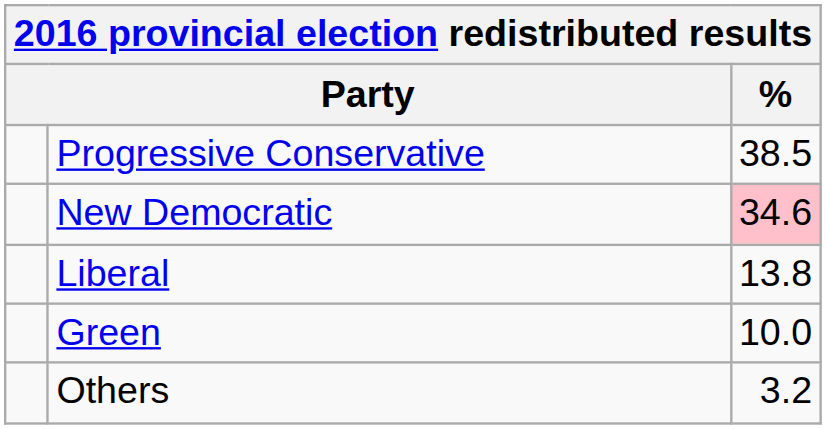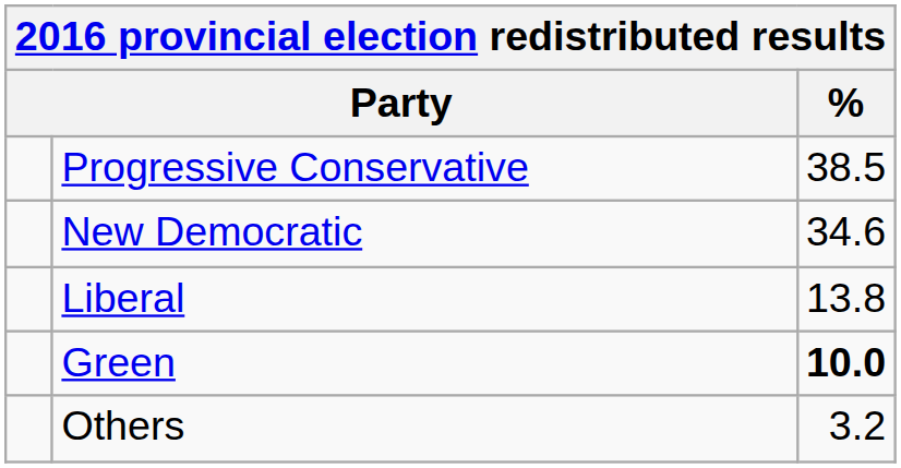 <table class="wikitable">
 <tr>
 <th colspan="4"><a href='#'>2016 provincial election</a> redistributed results</th>
 </tr>
 <tr>
 <th bgcolor="#DDDDFF" width="130px" colspan="2">Party</th>
 <th bgcolor="#DDDDFF" width="30px">%</th>
 </tr>
 <tr>
 <td> </td>
 <td><a href='#'>Progressive Conservative</a></td>
 <td align=right>38.5</td>
 </tr>
 <tr>
 <td> </td>
 <td><a href='#'>New Democratic</a></td>
-<td align=right style="background: pink;">34.6</td>
+<td align=right>34.6</td>
 </tr>
 <tr>
 <td> </td>
 <td><a href='#'>Liberal</a></td>
 <td align=right>13.8</td>
 </tr>
 <tr>
 <td> </td>
 <td><a href='#'>Green</a></td>
-<td align=right>10.0</td>
+<td align=right><strong>10.0</strong></td>
 </tr>
 <tr>
 <td> </td>
 <td>Others</td>
 <td align=right>3.2</td>
 </tr>
 </table>
